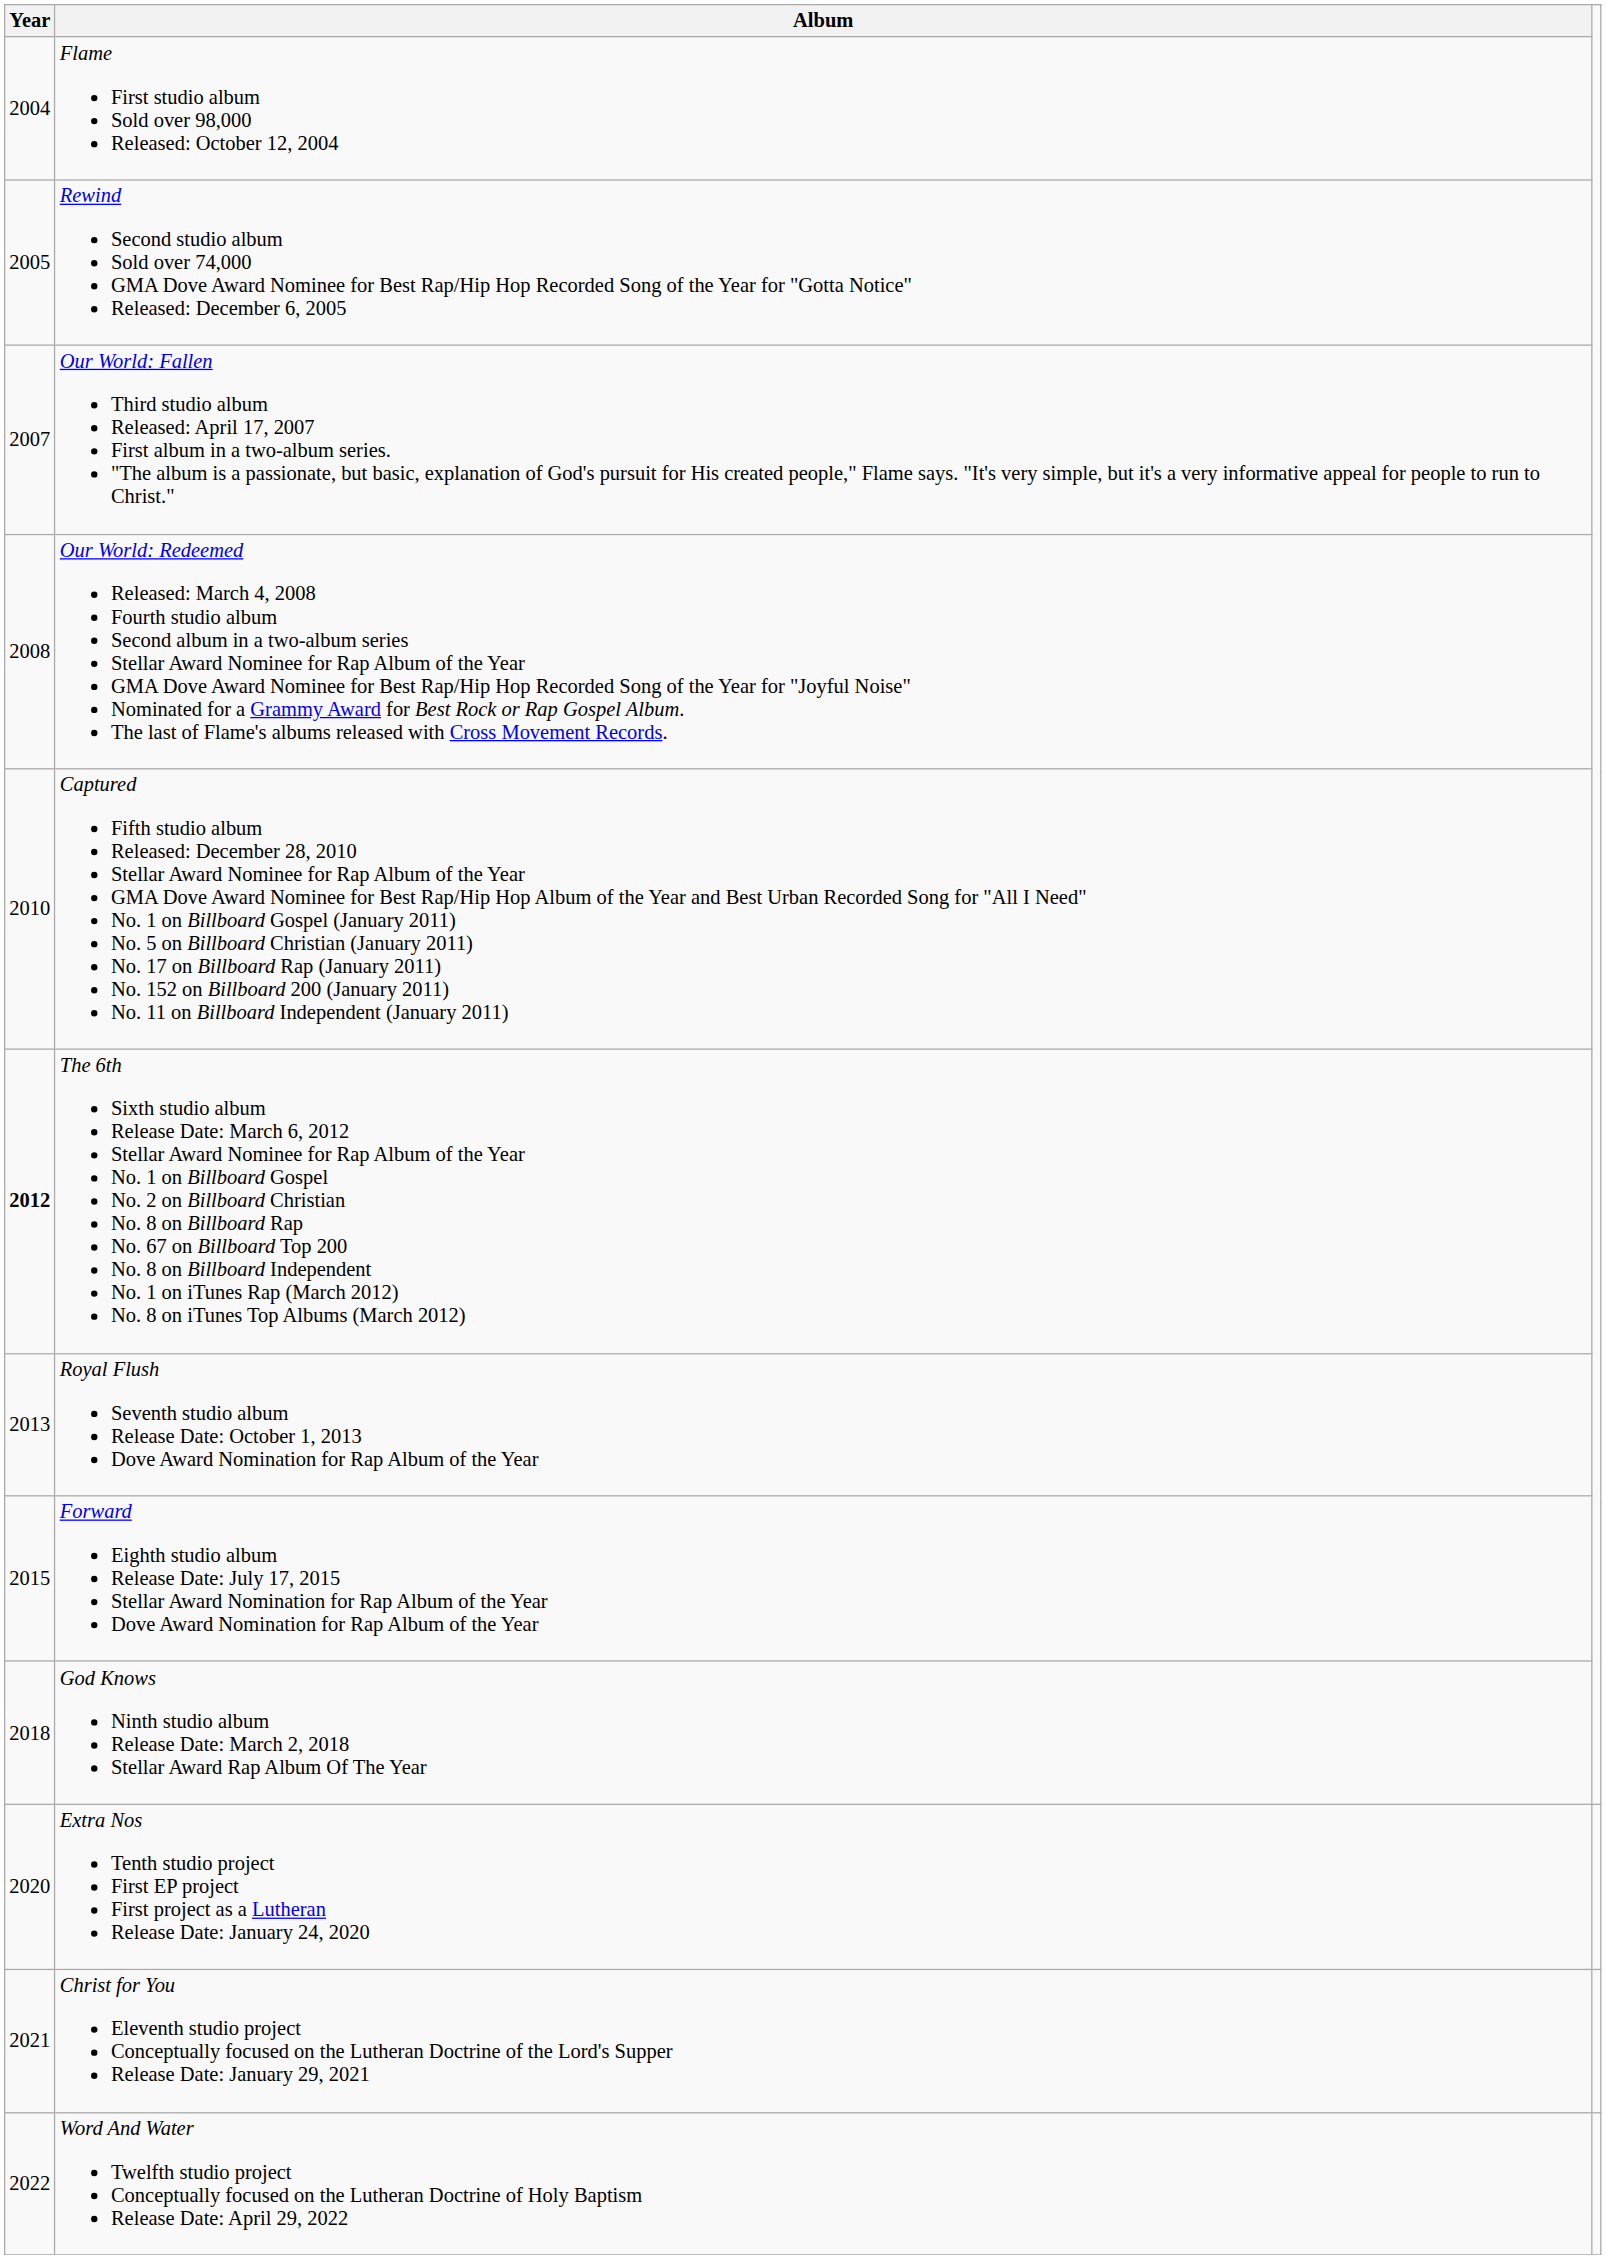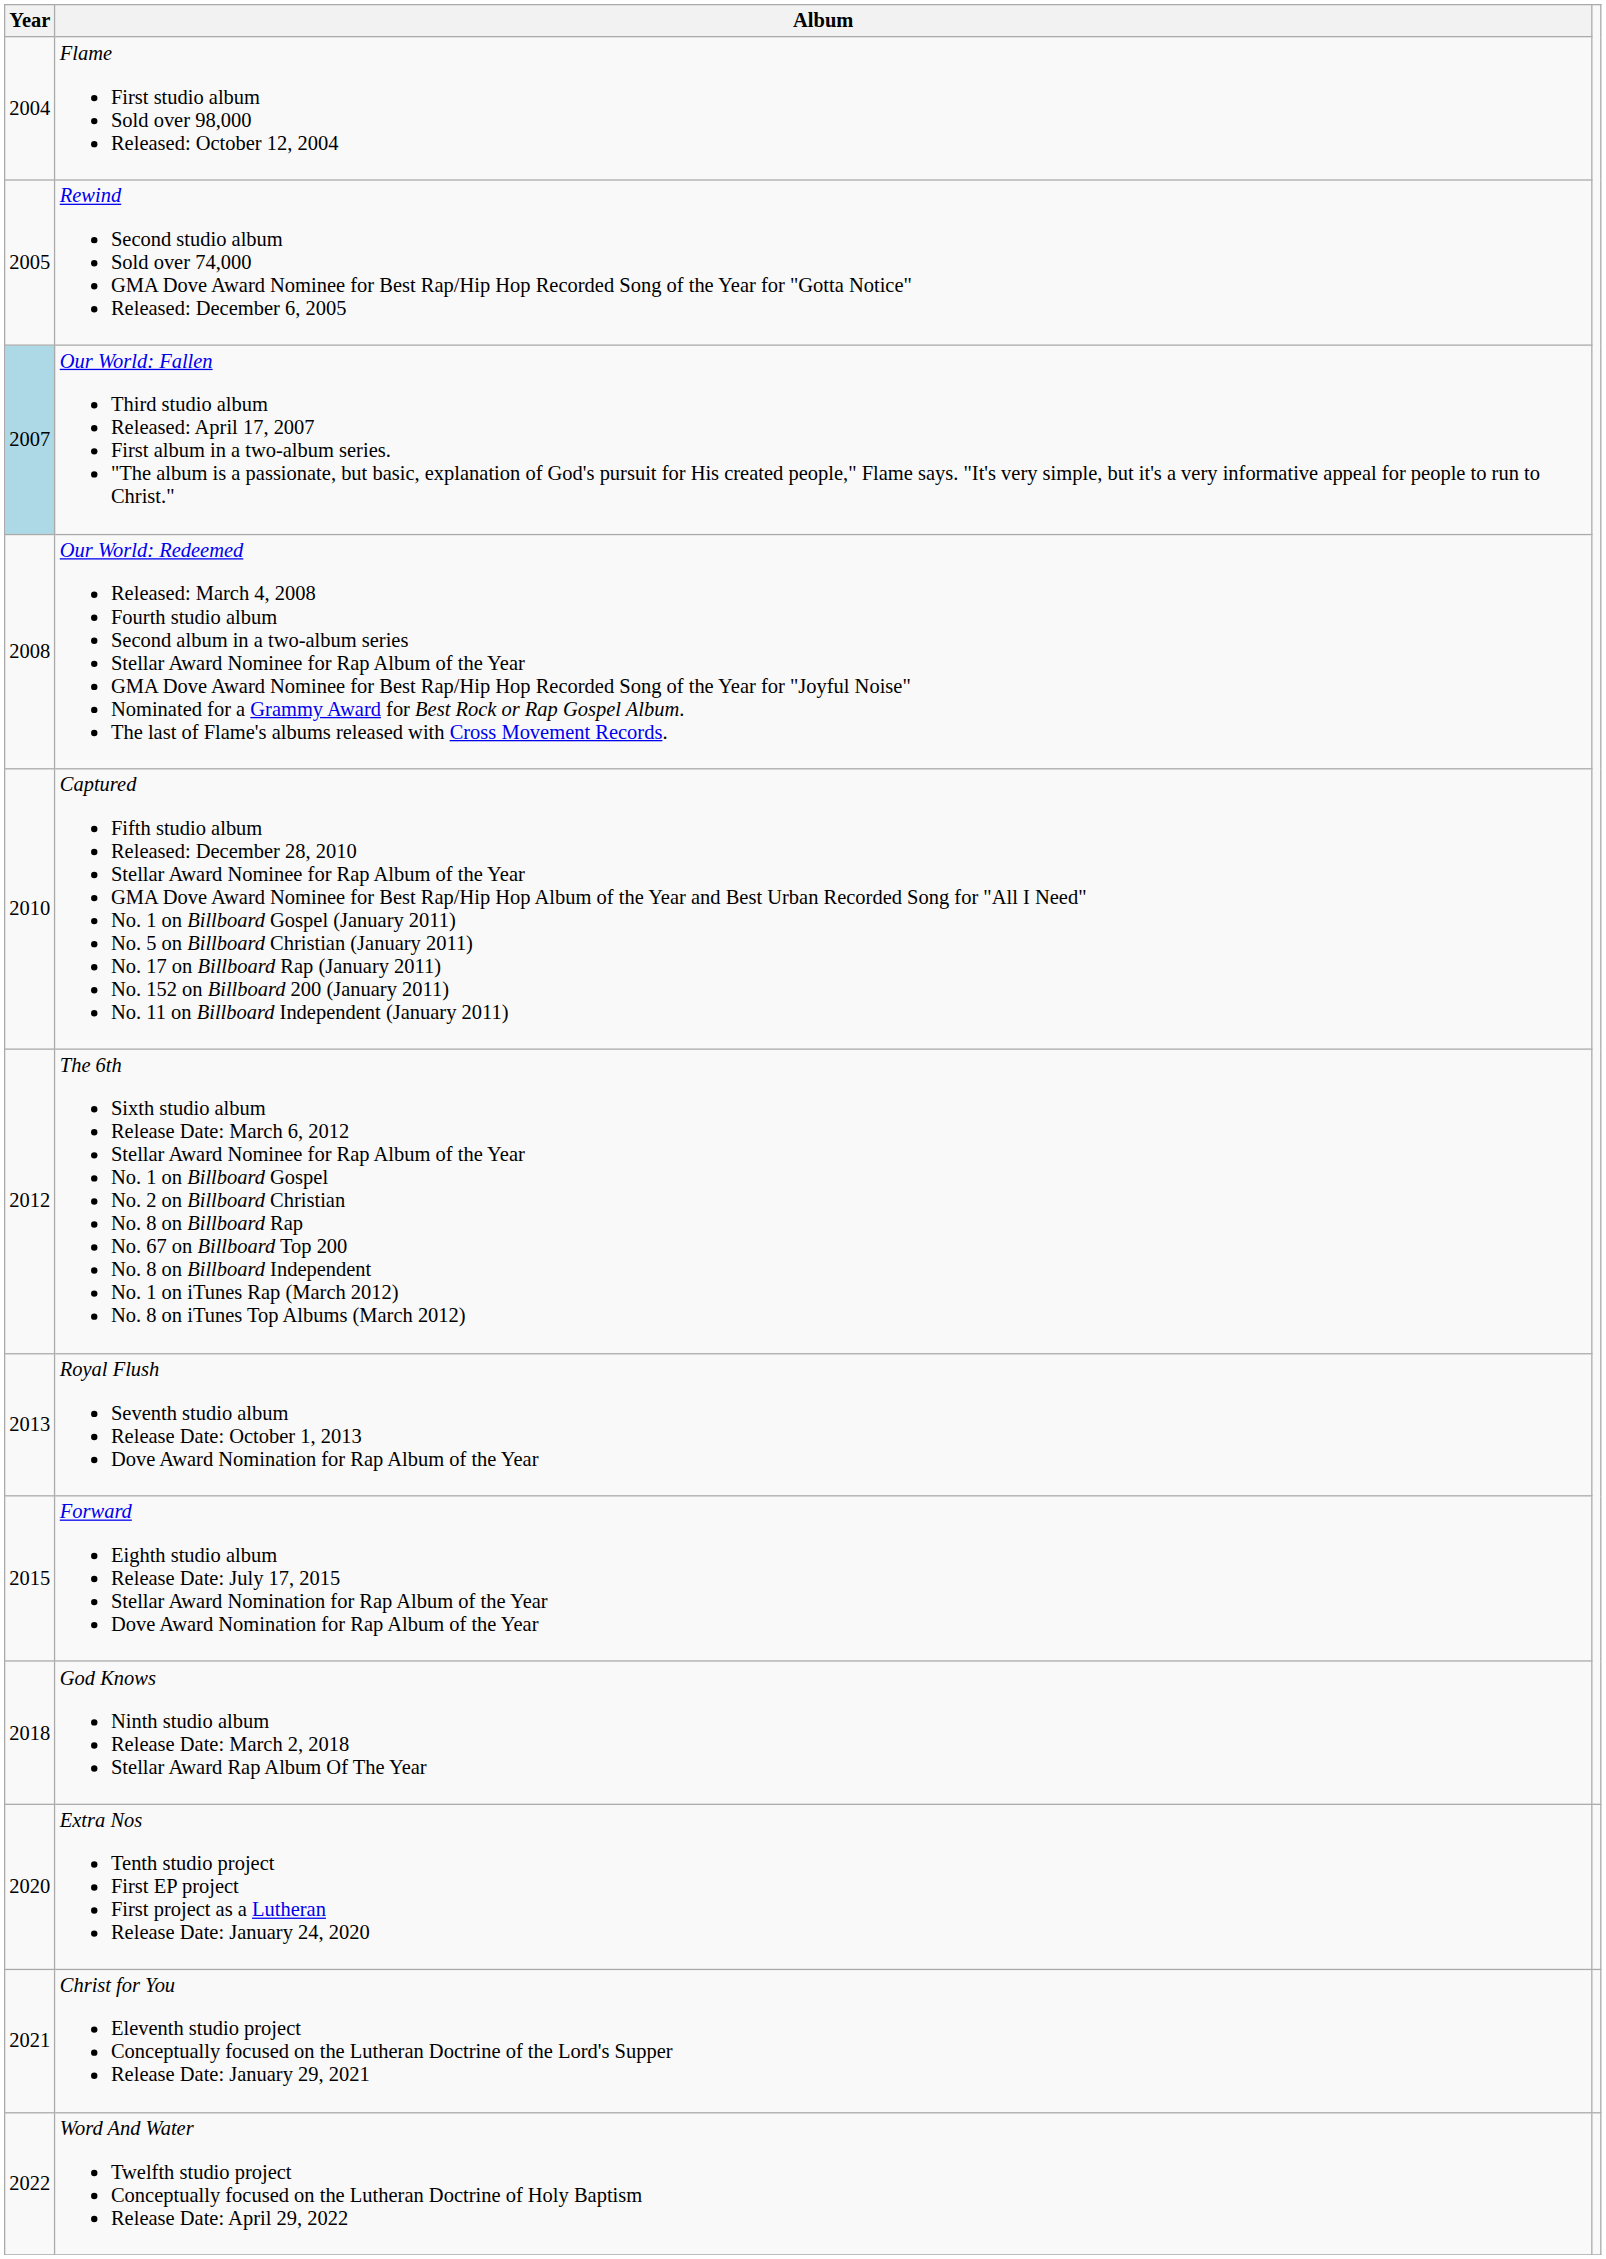 <table class="wikitable">
 <tr>
 <th>Year</th>
 <th>Album</th>
 </tr>
 <tr>
 <td>2004</td>
 <td><em>Flame</em><br><ul><li>First studio album</li><li>Sold over 98,000</li><li>Released: October 12, 2004</li></ul></td>
 </tr>
 <tr>
 <td>2005</td>
 <td><em><a href='#'>Rewind</a></em><br><ul><li>Second studio album</li><li>Sold over 74,000</li><li>GMA Dove Award Nominee for Best Rap/Hip Hop Recorded Song of the Year for "Gotta Notice"</li><li>Released: December 6, 2005</li></ul></td>
 </tr>
 <tr>
-<td>2007</td>
+<td style="background: lightblue;">2007</td>
 <td><em><a href='#'>Our World: Fallen</a></em><br><ul><li>Third studio album</li><li>Released: April 17, 2007</li><li>First album in a two-album series.</li><li>"The album is a passionate, but basic, explanation of God's pursuit for His created people," Flame says. "It's very simple, but it's a very informative appeal for people to run to Christ."</li></ul></td>
 </tr>
 <tr>
 <td>2008</td>
 <td><em><a href='#'>Our World: Redeemed</a></em><br><ul><li>Released: March 4, 2008</li><li>Fourth studio album</li><li>Second album in a two-album series</li><li>Stellar Award Nominee for Rap Album of the Year</li><li>GMA Dove Award Nominee for Best Rap/Hip Hop Recorded Song of the Year for "Joyful Noise"</li><li>Nominated for a <a href='#'>Grammy Award</a> for <em>Best Rock or Rap Gospel Album</em>.</li><li>The last of Flame's albums released with <a href='#'>Cross Movement Records</a>.</li></ul></td>
 </tr>
 <tr>
 <td>2010</td>
 <td><em>Captured</em><br><ul><li>Fifth studio album</li><li>Released: December 28, 2010</li><li>Stellar Award Nominee for Rap Album of the Year</li><li>GMA Dove Award Nominee for Best Rap/Hip Hop Album of the Year and Best Urban Recorded Song for "All I Need"</li><li>No. 1 on <em>Billboard</em> Gospel (January 2011)</li><li>No. 5 on <em>Billboard</em> Christian (January 2011)</li><li>No. 17 on <em>Billboard</em> Rap (January 2011)</li><li>No. 152 on <em>Billboard</em> 200 (January 2011)</li><li>No. 11 on <em>Billboard</em> Independent (January 2011)</li></ul></td>
 </tr>
 <tr>
-<td><strong>2012</strong></td>
+<td>2012</td>
 <td><em>The 6th</em><br><ul><li>Sixth studio album</li><li>Release Date: March 6, 2012</li><li>Stellar Award Nominee for Rap Album of the Year</li><li>No. 1 on <em>Billboard</em> Gospel</li><li>No. 2 on <em>Billboard</em> Christian</li><li>No. 8 on <em>Billboard</em> Rap</li><li>No. 67 on <em>Billboard</em> Top 200</li><li>No. 8 on <em>Billboard</em> Independent</li><li>No. 1 on iTunes Rap (March 2012)</li><li>No. 8 on iTunes Top Albums (March 2012)</li></ul></td>
 </tr>
 <tr>
 <td>2013</td>
 <td><em>Royal Flush</em><br><ul><li>Seventh studio album</li><li>Release Date: October 1, 2013</li><li>Dove Award Nomination for Rap Album of the Year</li></ul></td>
 </tr>
 <tr>
 <td>2015</td>
 <td><em><a href='#'>Forward</a></em><br><ul><li>Eighth studio album</li><li>Release Date: July 17, 2015</li><li>Stellar Award Nomination for Rap Album of the Year</li><li>Dove Award Nomination for Rap Album of the Year</li></ul></td>
 </tr>
 <tr>
 <td>2018</td>
 <td><em>God Knows</em><br><ul><li>Ninth studio album</li><li>Release Date: March 2, 2018</li><li>Stellar Award Rap Album Of The Year</li></ul></td>
 </tr>
 <tr>
 <td>2020</td>
 <td><em>Extra Nos</em><br><ul><li>Tenth studio project</li><li>First EP project</li><li>First project as a <a href='#'>Lutheran</a></li><li>Release Date: January 24, 2020</li></ul></td>
 <td></td>
 </tr>
 <tr>
 <td>2021</td>
 <td><em>Christ for You</em><br><ul><li>Eleventh studio project</li><li>Conceptually focused on the Lutheran Doctrine of the Lord's Supper</li><li>Release Date: January 29, 2021</li></ul></td>
 <td></td>
 </tr>
 <tr>
 <td>2022</td>
 <td><em>Word And Water</em><br><ul><li>Twelfth studio project</li><li>Conceptually focused on the Lutheran Doctrine of Holy Baptism</li><li>Release Date: April 29, 2022</li></ul></td>
 </tr>
 </table>
